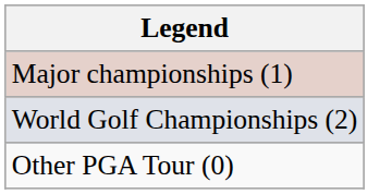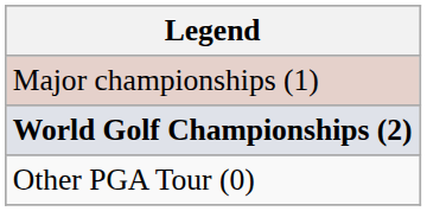 <table class="wikitable" style="font-size:95%;">
 <tr>
 <th>Legend</th>
 </tr>
 <tr style="background:#e5d1cb;">
 <td>Major championships (1)</td>
 </tr>
 <tr style="background:#dfe2e9;">
-<td>World Golf Championships (2)</td>
+<td><strong>World Golf Championships (2)</strong></td>
 </tr>
 <tr>
 <td>Other PGA Tour (0)</td>
 </tr>
 </table>
